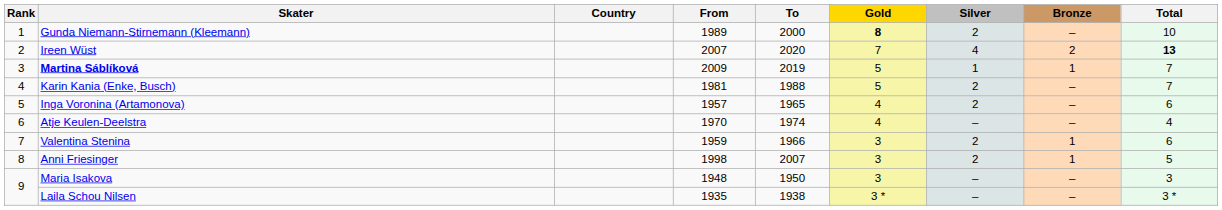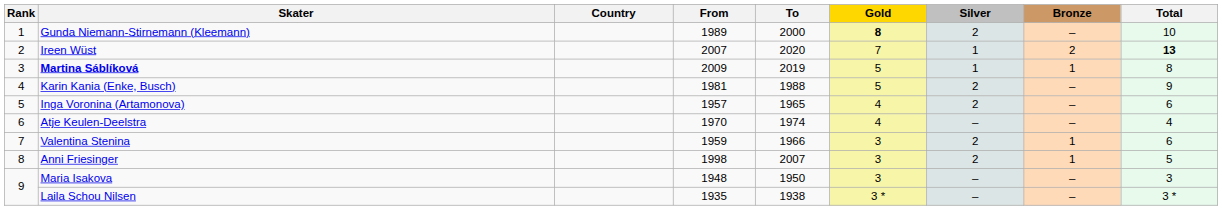 <table class="wikitable plainrowheaders" width=85% style="text-align:center;">
 <tr style="background-color:#EDEDED;">
 <th class="hintergrundfarbe5" style="width:1em">Rank</th>
 <th class="hintergrundfarbe5">Skater</th>
 <th class="hintergrundfarbe5">Country</th>
 <th class="hintergrundfarbe5">From</th>
 <th class="hintergrundfarbe5">To</th>
 <th style="background:    gold; width:8%">Gold</th>
 <th style="background:  silver; width:8%">Silver</th>
 <th style="background: #CC9966; width:8%">Bronze</th>
 <th style="width:8%">Total</th>
 </tr>
 <tr>
 <td>1</td>
 <td align="left"><a href='#'>Gunda Niemann-Stirnemann (Kleemann)</a></td>
 <td align="left"><br></td>
 <td>1989</td>
 <td>2000</td>
 <td bgcolor="#F7F6A8"><strong>8</strong></td>
 <td bgcolor="#DCE5E5">2</td>
 <td bgcolor="#FFDAB9">–</td>
 <td bgcolor="#E7FAEC">10</td>
 </tr>
 <tr align="center">
 <td>2</td>
 <td align="left"><a href='#'>Ireen Wüst</a></td>
 <td align="left"></td>
 <td>2007</td>
 <td>2020</td>
 <td bgcolor="#F7F6A8">7</td>
-<td bgcolor="#DCE5E5">4</td>
+<td bgcolor="#DCE5E5">1</td>
 <td bgcolor="#FFDAB9">2</td>
 <td bgcolor="#E7FAEC"><strong>13</strong></td>
 </tr>
 <tr align="center">
 <td>3</td>
 <td align="left"><strong><a href='#'>Martina Sáblíková</a></strong></td>
 <td align="left"></td>
 <td>2009</td>
 <td>2019</td>
 <td bgcolor="#F7F6A8">5</td>
 <td bgcolor="#DCE5E5">1</td>
 <td bgcolor="#FFDAB9">1</td>
-<td bgcolor="#E7FAEC">7</td>
+<td bgcolor="#E7FAEC">8</td>
 </tr>
 <tr align="center">
 <td>4</td>
 <td align="left"><a href='#'>Karin Kania (Enke, Busch)</a></td>
 <td align="left"></td>
 <td>1981</td>
 <td>1988</td>
 <td bgcolor="#F7F6A8">5</td>
 <td bgcolor="#DCE5E5">2</td>
 <td bgcolor="#FFDAB9">–</td>
-<td bgcolor="#E7FAEC">7</td>
+<td bgcolor="#E7FAEC">9</td>
 </tr>
 <tr align="center">
 <td>5</td>
 <td align="left"><a href='#'>Inga Voronina (Artamonova)</a></td>
 <td align="left"></td>
 <td>1957</td>
 <td>1965</td>
 <td bgcolor="#F7F6A8">4</td>
 <td bgcolor="#DCE5E5">2</td>
 <td bgcolor="#FFDAB9">–</td>
 <td bgcolor="#E7FAEC">6</td>
 </tr>
 <tr align="center">
 <td>6</td>
 <td align="left"><a href='#'>Atje Keulen-Deelstra</a></td>
 <td align="left"></td>
 <td>1970</td>
 <td>1974</td>
 <td bgcolor="#F7F6A8">4</td>
 <td bgcolor="#DCE5E5">–</td>
 <td bgcolor="#FFDAB9">–</td>
 <td bgcolor="#E7FAEC">4</td>
 </tr>
 <tr align="center">
 <td>7</td>
 <td align="left"><a href='#'>Valentina Stenina</a></td>
 <td align="left"></td>
 <td>1959</td>
 <td>1966</td>
 <td bgcolor="#F7F6A8">3</td>
 <td bgcolor="#DCE5E5">2</td>
 <td bgcolor="#FFDAB9">1</td>
 <td bgcolor="#E7FAEC">6</td>
 </tr>
 <tr align="center">
 <td>8</td>
 <td align="left"><a href='#'>Anni Friesinger</a></td>
 <td align="left"></td>
 <td>1998</td>
 <td>2007</td>
 <td bgcolor="#F7F6A8">3</td>
 <td bgcolor="#DCE5E5">2</td>
 <td bgcolor="#FFDAB9">1</td>
 <td bgcolor="#E7FAEC">5</td>
 </tr>
 <tr align="center">
 <td rowspan="2">9</td>
 <td align="left"><a href='#'>Maria Isakova</a></td>
 <td align="left"></td>
 <td>1948</td>
 <td>1950</td>
 <td bgcolor="#F7F6A8">3</td>
 <td bgcolor="#DCE5E5">–</td>
 <td bgcolor="#FFDAB9">–</td>
 <td bgcolor="#E7FAEC">3</td>
 </tr>
 <tr align="center">
 <td align="left"><a href='#'>Laila Schou Nilsen</a></td>
 <td align="left"></td>
 <td>1935</td>
 <td>1938</td>
 <td bgcolor="#F7F6A8"> 3 *</td>
 <td bgcolor="#DCE5E5">–</td>
 <td bgcolor="#FFDAB9">–</td>
 <td bgcolor="#E7FAEC"> 3 *</td>
 </tr>
 </table>
